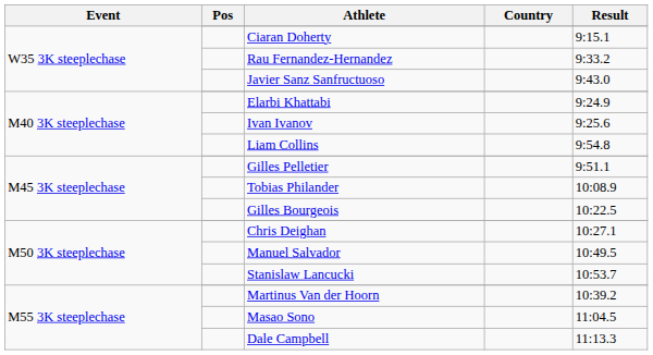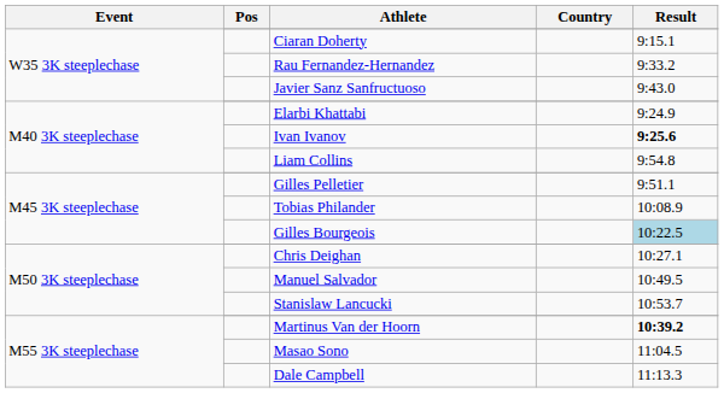 <table class="wikitable" style="width:60%;">
 <tr>
 <th>Event</th>
 <th>Pos</th>
 <th>Athlete</th>
 <th>Country</th>
 <th>Result</th>
 </tr>
 <tr>
 <td rowspan="4">W35 <a href='#'>3K steeplechase</a></td>
 </tr>
 <tr>
 <td align=center></td>
 <td align=left><a href='#'>Ciaran Doherty</a></td>
 <td align=left></td>
 <td>9:15.1</td>
 </tr>
 <tr>
 <td align=center></td>
 <td align=left><a href='#'>Rau Fernandez-Hernandez</a></td>
 <td align=left></td>
 <td>9:33.2</td>
 </tr>
 <tr>
 <td align=center></td>
 <td align=left><a href='#'>Javier Sanz Sanfructuoso</a></td>
 <td align=left></td>
 <td>9:43.0</td>
 </tr>
 <tr>
 <td rowspan="4">M40 <a href='#'>3K steeplechase</a></td>
 </tr>
 <tr>
 <td align=center></td>
 <td align=left><a href='#'>Elarbi Khattabi</a></td>
 <td align=left></td>
 <td>9:24.9</td>
 </tr>
 <tr>
 <td align=center></td>
 <td align=left><a href='#'>Ivan Ivanov</a></td>
 <td align=left></td>
-<td>9:25.6</td>
+<td><strong>9:25.6</strong></td>
 </tr>
 <tr>
 <td align=center></td>
 <td align=left><a href='#'>Liam Collins</a></td>
 <td align=left></td>
 <td>9:54.8</td>
 </tr>
 <tr>
 <td rowspan="4">M45 <a href='#'>3K steeplechase</a></td>
 </tr>
 <tr>
 <td align=center></td>
 <td align=left><a href='#'>Gilles Pelletier</a></td>
 <td align=left></td>
 <td>9:51.1</td>
 </tr>
 <tr>
 <td align=center></td>
 <td align=left><a href='#'>Tobias Philander</a></td>
 <td align=left></td>
 <td>10:08.9</td>
 </tr>
 <tr>
 <td align=center></td>
 <td align=left><a href='#'>Gilles Bourgeois</a></td>
 <td align=left></td>
-<td>10:22.5</td>
+<td style="background: lightblue;">10:22.5</td>
 </tr>
 <tr>
 <td rowspan="4">M50 <a href='#'>3K steeplechase</a></td>
 </tr>
 <tr>
 <td align=center></td>
 <td align=left><a href='#'>Chris Deighan</a></td>
 <td align=left></td>
 <td>10:27.1</td>
 </tr>
 <tr>
 <td align=center></td>
 <td align=left><a href='#'>Manuel Salvador</a></td>
 <td align=left></td>
 <td>10:49.5</td>
 </tr>
 <tr>
 <td align=center></td>
 <td align=left><a href='#'>Stanislaw Lancucki</a></td>
 <td align=left></td>
 <td>10:53.7</td>
 </tr>
 <tr>
 <td rowspan="4">M55 <a href='#'>3K steeplechase</a></td>
 </tr>
 <tr>
 <td align=center></td>
 <td align=left><a href='#'>Martinus Van der Hoorn</a></td>
 <td align=left></td>
-<td>10:39.2</td>
+<td><strong>10:39.2</strong></td>
 </tr>
 <tr>
 <td align=center></td>
 <td align=left><a href='#'>Masao Sono</a></td>
 <td align=left></td>
 <td>11:04.5</td>
 </tr>
 <tr>
 <td align=center></td>
 <td align=left><a href='#'>Dale Campbell</a></td>
 <td align=left></td>
 <td>11:13.3</td>
 </tr>
 </table>
